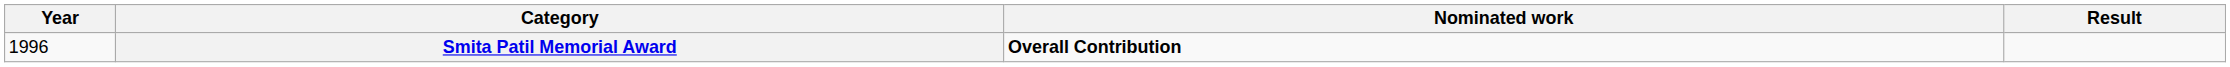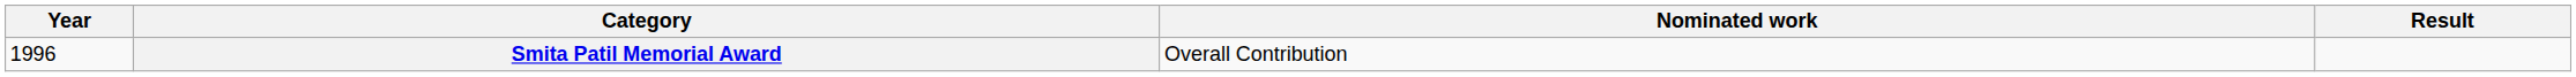 <table class="wikitable sortable plainrowheaders" style="width:100%;">
 <tr>
 <th scope="col" style="width:5%;">Year</th>
 <th scope="col" style="width:40%;">Category</th>
 <th scope="col" style="width:45%;">Nominated work</th>
 <th scope="col" style="width:10%;">Result</th>
 </tr>
 <tr>
 <td>1996</td>
 <th scope="row"><a href='#'>Smita Patil Memorial Award</a></th>
-<td><strong>Overall Contribution</strong></td>
+<td>Overall Contribution</td>
 <td></td>
 </tr>
 </table>
